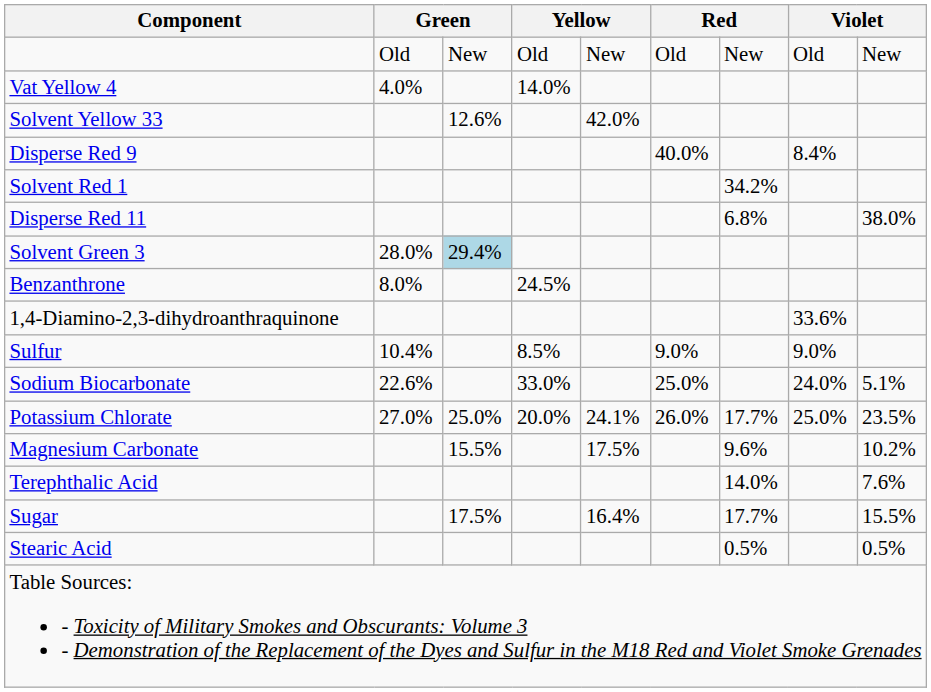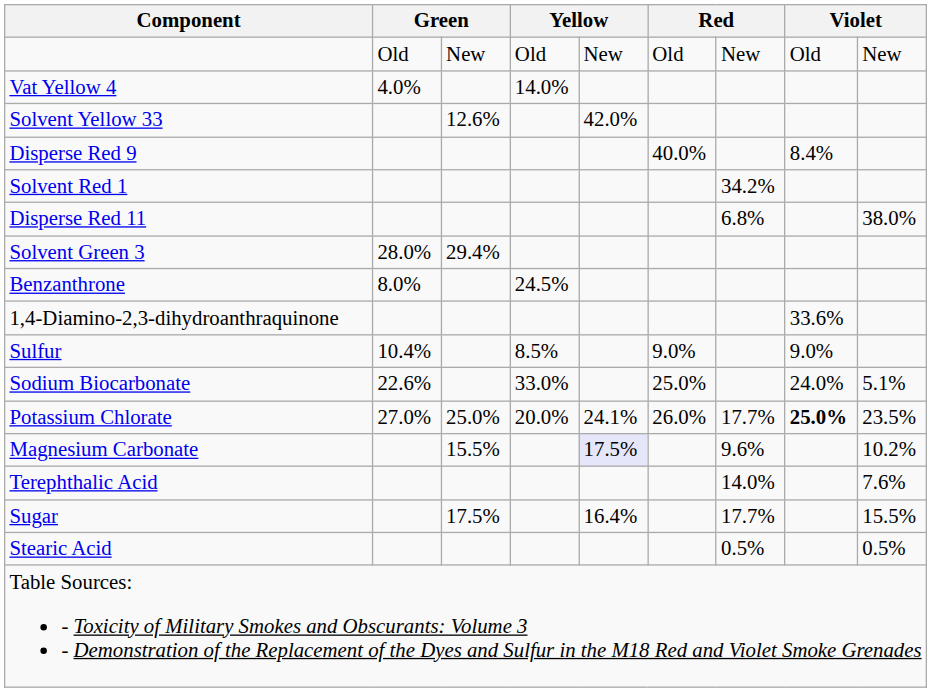 <table class="wikitable mw-collapsible">
 <tr>
 <th>Component</th>
 <th colspan="2">Green</th>
 <th colspan="2">Yellow</th>
 <th colspan="2">Red</th>
 <th colspan="2">Violet</th>
 </tr>
 <tr>
 <td></td>
 <td>Old</td>
 <td>New</td>
 <td>Old</td>
 <td>New</td>
 <td>Old</td>
 <td>New</td>
 <td>Old</td>
 <td>New</td>
 </tr>
 <tr>
 <td><a href='#'>Vat Yellow 4</a></td>
 <td>4.0%</td>
 <td></td>
 <td>14.0%</td>
 <td></td>
 <td></td>
 <td></td>
 <td></td>
 <td></td>
 </tr>
 <tr>
 <td><a href='#'>Solvent Yellow 33</a></td>
 <td></td>
 <td>12.6%</td>
 <td></td>
 <td>42.0%</td>
 <td></td>
 <td></td>
 <td></td>
 <td></td>
 </tr>
 <tr>
 <td><a href='#'>Disperse Red 9</a></td>
 <td></td>
 <td></td>
 <td></td>
 <td></td>
 <td>40.0%</td>
 <td></td>
 <td>8.4%</td>
 <td></td>
 </tr>
 <tr>
 <td><a href='#'>Solvent Red 1</a></td>
 <td></td>
 <td></td>
 <td></td>
 <td></td>
 <td></td>
 <td>34.2%</td>
 <td></td>
 <td></td>
 </tr>
 <tr>
 <td><a href='#'>Disperse Red 11</a></td>
 <td></td>
 <td></td>
 <td></td>
 <td></td>
 <td></td>
 <td>6.8%</td>
 <td></td>
 <td>38.0%</td>
 </tr>
 <tr>
 <td><a href='#'>Solvent Green 3</a></td>
 <td>28.0%</td>
-<td style="background: lightblue;">29.4%</td>
+<td>29.4%</td>
 <td></td>
 <td></td>
 <td></td>
 <td></td>
 <td></td>
 <td></td>
 </tr>
 <tr>
 <td><a href='#'>Benzanthrone</a></td>
 <td>8.0%</td>
 <td></td>
 <td>24.5%</td>
 <td></td>
 <td></td>
 <td></td>
 <td></td>
 <td></td>
 </tr>
 <tr>
 <td>1,4-Diamino-2,3-dihydroanthraquinone</td>
 <td></td>
 <td></td>
 <td></td>
 <td></td>
 <td></td>
 <td></td>
 <td>33.6%</td>
 <td></td>
 </tr>
 <tr>
 <td><a href='#'>Sulfur</a></td>
 <td>10.4%</td>
 <td></td>
 <td>8.5%</td>
 <td></td>
 <td>9.0%</td>
 <td></td>
 <td>9.0%</td>
 <td></td>
 </tr>
 <tr>
 <td><a href='#'>Sodium Biocarbonate</a></td>
 <td>22.6%</td>
 <td></td>
 <td>33.0%</td>
 <td></td>
 <td>25.0%</td>
 <td></td>
 <td>24.0%</td>
 <td>5.1%</td>
 </tr>
 <tr>
 <td><a href='#'>Potassium Chlorate</a></td>
 <td>27.0%</td>
 <td>25.0%</td>
 <td>20.0%</td>
 <td>24.1%</td>
 <td>26.0%</td>
 <td>17.7%</td>
-<td>25.0%</td>
+<td><strong>25.0%</strong></td>
 <td>23.5%</td>
 </tr>
 <tr>
 <td><a href='#'>Magnesium Carbonate</a></td>
 <td></td>
 <td>15.5%</td>
 <td></td>
-<td>17.5%</td>
+<td style="background: lavender;">17.5%</td>
 <td></td>
 <td>9.6%</td>
 <td></td>
 <td>10.2%</td>
 </tr>
 <tr>
 <td><a href='#'>Terephthalic Acid</a></td>
 <td></td>
 <td></td>
 <td></td>
 <td></td>
 <td></td>
 <td>14.0%</td>
 <td></td>
 <td>7.6%</td>
 </tr>
 <tr>
 <td><a href='#'>Sugar</a></td>
 <td></td>
 <td>17.5%</td>
 <td></td>
 <td>16.4%</td>
 <td></td>
 <td>17.7%</td>
 <td></td>
 <td>15.5%</td>
 </tr>
 <tr>
 <td><a href='#'>Stearic Acid</a></td>
 <td></td>
 <td></td>
 <td></td>
 <td></td>
 <td></td>
 <td>0.5%</td>
 <td></td>
 <td>0.5%</td>
 </tr>
 <tr>
 <td colspan="9">Table Sources:<br><ul><li> - <em><u>Toxicity of Military Smokes and Obscurants: Volume 3</u></em></li><li> - <em><u>Demonstration of the Replacement of the Dyes and Sulfur in the M18 Red and Violet Smoke Grenades</u></em></li></ul></td>
 </tr>
 </table>
